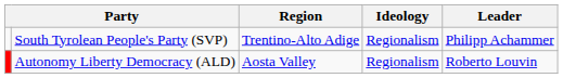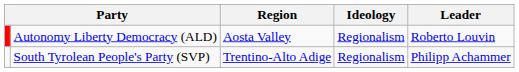 <table class=wikitable style=text-align:left>
 <tr>
 <th colspan=2>Party</th>
 <th>Region</th>
 <th>Ideology</th>
 <th>Leader</th>
 </tr>
 <tr>
+<td bgcolor="red"></td>
+<td><a href='#'>Autonomy Liberty Democracy</a> (ALD)</td>
+<td><a href='#'>Aosta Valley</a></td>
+<td><a href='#'>Regionalism</a></td>
+<td><a href='#'>Roberto Louvin</a></td>
+</tr>
+<tr>
 <td></td>
 <td><a href='#'>South Tyrolean People's Party</a> (SVP)</td>
 <td><a href='#'>Trentino-Alto Adige</a></td>
 <td><a href='#'>Regionalism</a></td>
 <td><a href='#'>Philipp Achammer</a></td>
 </tr>
-<tr>
-<td bgcolor="red"></td>
-<td><a href='#'>Autonomy Liberty Democracy</a> (ALD)</td>
-<td><a href='#'>Aosta Valley</a></td>
-<td><a href='#'>Regionalism</a></td>
-<td><a href='#'>Roberto Louvin</a></td>
-</tr>
 </table>
